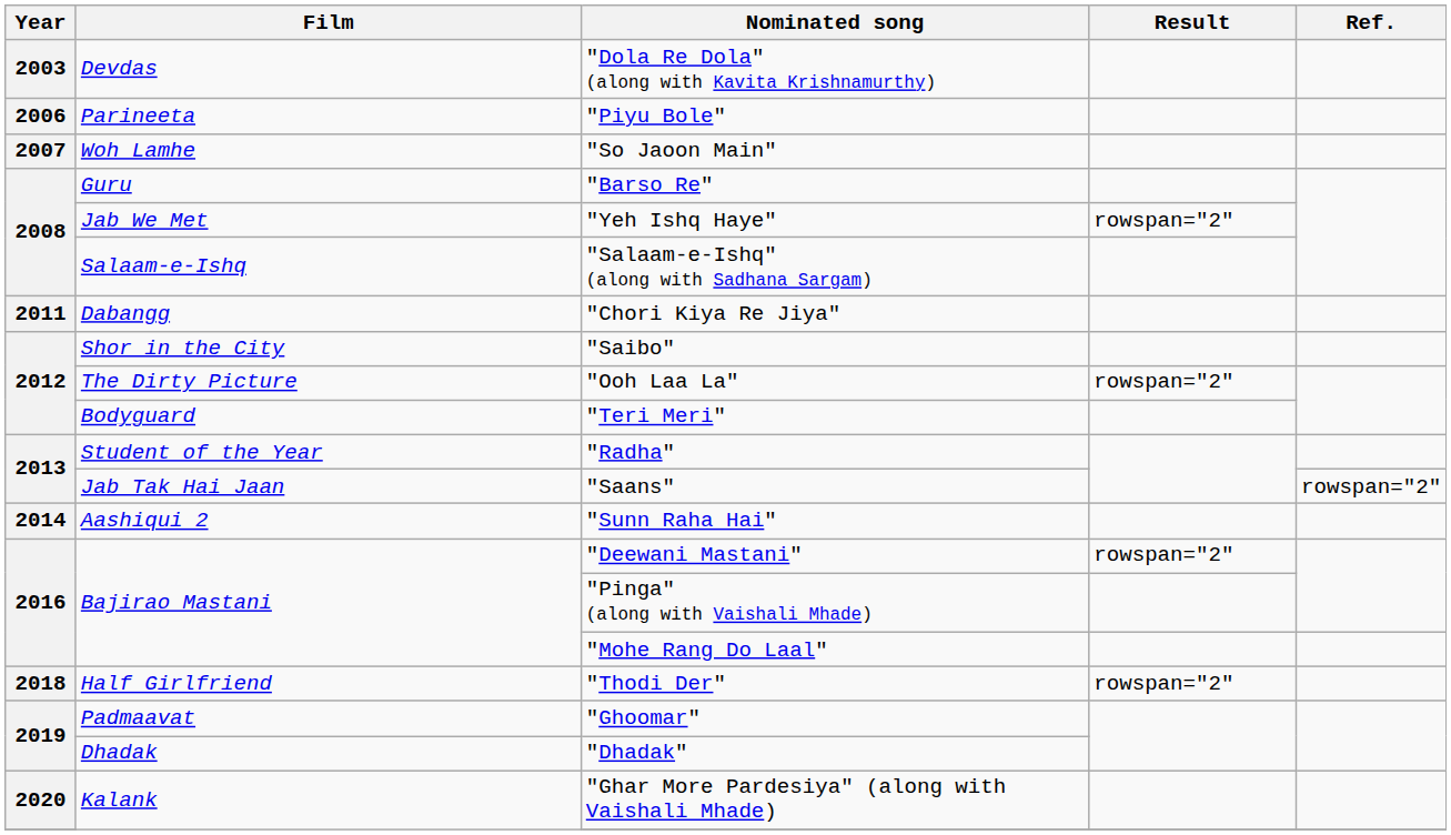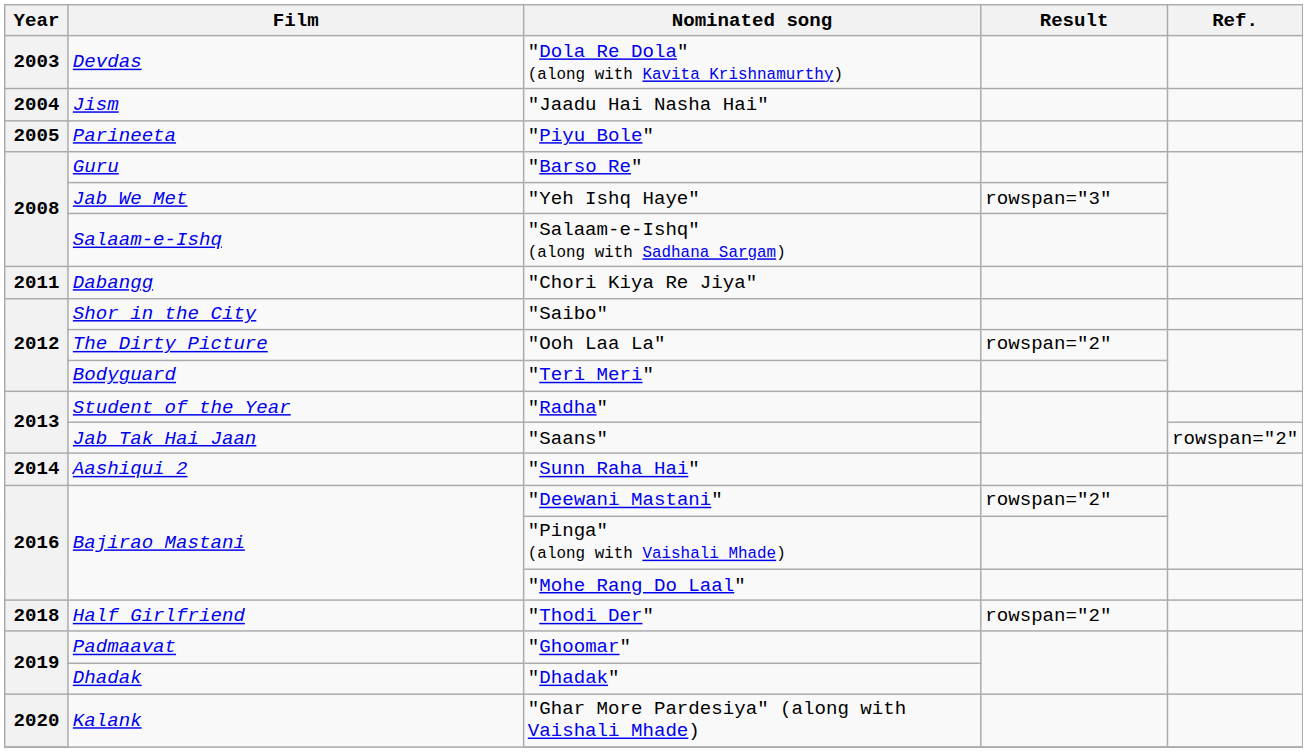 <table class="wikitable plainrowheaders" width="100%" textcolor:#000;">
 <tr>
 <th scope="col" width=5%><strong>Year</strong></th>
 <th scope="col" width=39%><strong>Film</strong></th>
 <th scope="col" width=39%><strong>Nominated song</strong></th>
 <th scope="col" width=15%><strong>Result</strong></th>
 <th scope="col" width=2%><strong>Ref.</strong></th>
 </tr>
 <tr>
 <th scope="row">2003</th>
 <td><em><a href='#'>Devdas</a></em></td>
 <td>"<a href='#'>Dola Re Dola</a>"<br><small>(along with <a href='#'>Kavita Krishnamurthy</a>)</small></td>
 <td></td>
 <td></td>
 </tr>
 <tr>
-<th scope="row">2006</th>
-<td><em><a href='#'>Parineeta</a></em></td>
-<td>"<a href='#'>Piyu Bole</a>"</td>
+<th scope="row">2004</th>
+<td><em><a href='#'>Jism</a></em></td>
+<td>"Jaadu Hai Nasha Hai"</td>
 <td></td>
 <td></td>
 </tr>
 <tr>
-<th scope="row">2007</th>
-<td><em><a href='#'>Woh Lamhe</a></em></td>
-<td>"So Jaoon Main"</td>
+<th scope="row">2005</th>
+<td><em><a href='#'>Parineeta</a></em></td>
+<td>"<a href='#'>Piyu Bole</a>"</td>
 <td></td>
 <td></td>
 </tr>
 <tr>
 <th scope="row" rowspan="3">2008</th>
 <td><em><a href='#'>Guru</a></em></td>
 <td>"<a href='#'>Barso Re</a>"</td>
 <td></td>
 <td rowspan="3"></td>
 </tr>
 <tr>
 <td><em><a href='#'>Jab We Met</a></em></td>
 <td>"Yeh Ishq Haye"</td>
-<td>rowspan="2" </td>
+<td>rowspan="3" </td>
 </tr>
 <tr>
 <td><em><a href='#'>Salaam-e-Ishq</a></em></td>
 <td>"Salaam-e-Ishq"<br><small>(along with <a href='#'>Sadhana Sargam</a>)</small></td>
 </tr>
 <tr>
 <th scope="row">2011</th>
 <td><em><a href='#'>Dabangg</a></em></td>
 <td>"Chori Kiya Re Jiya"</td>
 <td></td>
 </tr>
 <tr>
 <th scope="row" rowspan="3">2012</th>
 <td><em><a href='#'>Shor in the City</a></em></td>
 <td>"Saibo"</td>
 <td></td>
 <td></td>
 </tr>
 <tr>
 <td><em><a href='#'>The Dirty Picture</a></em></td>
 <td>"Ooh Laa La"</td>
 <td>rowspan="2" </td>
 <td rowspan="2"></td>
 </tr>
 <tr>
 <td><em><a href='#'>Bodyguard</a></em></td>
 <td>"<a href='#'>Teri Meri</a>"</td>
 </tr>
 <tr>
 <th scope="row" rowspan="2">2013</th>
 <td><em><a href='#'>Student of the Year</a></em></td>
 <td>"<a href='#'>Radha</a>"</td>
 <td rowspan="2"></td>
 </tr>
 <tr>
 <td><em><a href='#'>Jab Tak Hai Jaan</a></em></td>
 <td>"Saans"</td>
 <td>rowspan="2" </td>
 </tr>
 <tr>
 <th scope="row">2014</th>
 <td><em><a href='#'>Aashiqui 2</a></em></td>
 <td>"<a href='#'>Sunn Raha Hai</a>"</td>
 <td></td>
 </tr>
 <tr>
 <th scope="row" rowspan="3">2016</th>
 <td rowspan="3"><em><a href='#'>Bajirao Mastani</a></em></td>
 <td>"<a href='#'>Deewani Mastani</a>"</td>
 <td>rowspan="2" </td>
 <td rowspan="2"></td>
 </tr>
 <tr>
 <td>"Pinga"<br><small>(along with <a href='#'>Vaishali Mhade</a>)</small></td>
 </tr>
 <tr>
 <td>"<a href='#'>Mohe Rang Do Laal</a>"</td>
 <td></td>
 <td></td>
 </tr>
 <tr>
 <th scope="row">2018</th>
 <td><em><a href='#'>Half Girlfriend</a></em></td>
 <td>"<a href='#'>Thodi Der</a>"</td>
 <td>rowspan="2" </td>
 <td></td>
 </tr>
 <tr>
 <th scope="row" rowspan="2">2019</th>
 <td><em><a href='#'>Padmaavat</a></em></td>
 <td>"<a href='#'>Ghoomar</a>"</td>
 <td rowspan="2"></td>
 </tr>
 <tr>
 <td><em><a href='#'>Dhadak</a></em></td>
 <td>"<a href='#'>Dhadak</a>"</td>
 </tr>
 <tr>
 <th scope="row">2020</th>
 <td rowspan="2"><em><a href='#'>Kalank</a></em></td>
 <td>"Ghar More Pardesiya" (along with <a href='#'>Vaishali Mhade</a>)</td>
 <td></td>
 <td></td>
 </tr>
 <tr>
 </tr>
 </table>
